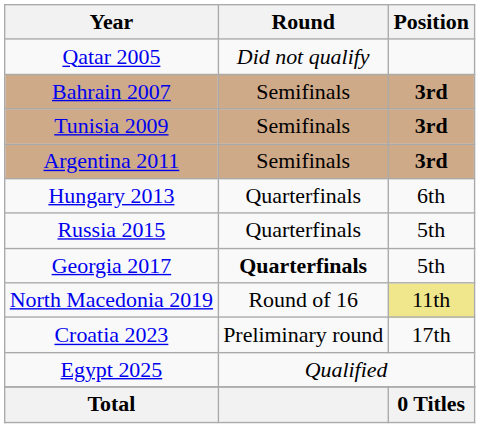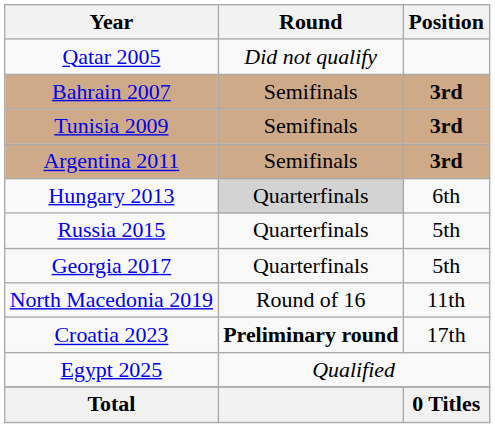 <table class="wikitable" style="text-align: center;">
 <tr>
 <th>Year</th>
 <th>Round</th>
 <th>Position</th>
 </tr>
 <tr>
 <td><a href='#'>Qatar 2005</a></td>
 <td><em>Did not qualify</em></td>
 <td></td>
 </tr>
 <tr style="background:#cfaa88;">
 <td><a href='#'>Bahrain 2007</a></td>
 <td>Semifinals</td>
 <td><strong>3rd</strong></td>
 </tr>
 <tr style="background:#cfaa88;">
 <td><a href='#'>Tunisia 2009</a></td>
 <td>Semifinals</td>
 <td><strong>3rd</strong></td>
 </tr>
 <tr style="background:#cfaa88;">
 <td><a href='#'>Argentina 2011</a></td>
 <td>Semifinals</td>
 <td><strong>3rd</strong></td>
 </tr>
 <tr>
 <td><a href='#'>Hungary 2013</a></td>
-<td>Quarterfinals</td>
+<td style="background: lightgrey;">Quarterfinals</td>
 <td>6th</td>
 </tr>
 <tr>
 <td><a href='#'>Russia 2015</a></td>
 <td>Quarterfinals</td>
 <td>5th</td>
 </tr>
 <tr>
 <td><a href='#'>Georgia 2017</a></td>
-<td><strong>Quarterfinals</strong></td>
+<td>Quarterfinals</td>
 <td>5th</td>
 </tr>
 <tr>
 <td><a href='#'>North Macedonia 2019</a></td>
 <td>Round of 16</td>
-<td style="background: khaki;">11th</td>
+<td>11th</td>
 </tr>
 <tr>
 <td><a href='#'>Croatia 2023</a></td>
-<td>Preliminary round</td>
+<td><strong>Preliminary round</strong></td>
 <td>17th</td>
 </tr>
 <tr>
 <td><a href='#'>Egypt 2025</a></td>
 <td colspan=2><em>Qualified</em></td>
 </tr>
 <tr>
 </tr>
 <tr>
 <th>Total</th>
 <th></th>
 <th>0 Titles</th>
 </tr>
 </table>
